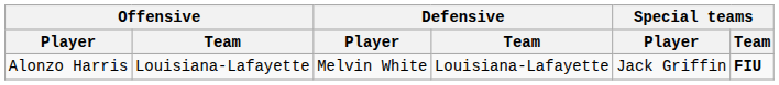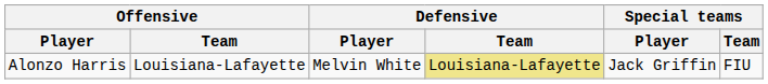 <table class="wikitable">
 <tr>
 <th colspan="2">Offensive</th>
 <th colspan="2">Defensive</th>
 <th colspan="2">Special teams</th>
 </tr>
 <tr>
 <th>Player</th>
 <th>Team</th>
 <th>Player</th>
 <th>Team</th>
 <th>Player</th>
 <th>Team</th>
 </tr>
 <tr>
 <td>Alonzo Harris</td>
 <td>Louisiana-Lafayette</td>
 <td>Melvin White</td>
-<td>Louisiana-Lafayette</td>
+<td style="background: khaki;">Louisiana-Lafayette</td>
 <td>Jack Griffin</td>
-<td><strong>FIU</strong></td>
+<td>FIU</td>
 </tr>
 </table>
